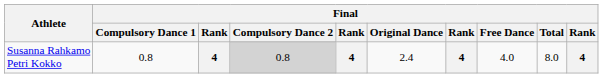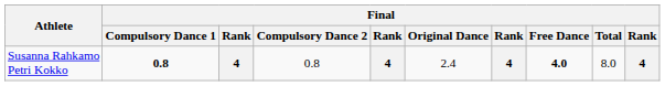 <table class="wikitable" style="font-size:90%">
 <tr>
 <th rowspan="2">Athlete</th>
 <th colspan="9">Final</th>
 </tr>
 <tr>
 <th>Compulsory Dance 1</th>
 <th>Rank</th>
 <th>Compulsory Dance 2</th>
 <th>Rank</th>
 <th>Original Dance</th>
 <th>Rank</th>
 <th>Free Dance</th>
 <th>Total</th>
 <th>Rank</th>
 </tr>
 <tr>
 <td><a href='#'>Susanna Rahkamo</a><br><a href='#'>Petri Kokko</a></td>
+<td align="center"><strong>0.8</strong></td>
+<th align="center">4</th>
 <td align="center">0.8</td>
-<th align="center">4</th>
-<td align="center" style="background: lightgrey;">0.8</td>
 <th align="center">4</th>
 <td align="center">2.4</td>
 <th align="center">4</th>
-<td align="center">4.0</td>
+<td align="center"><strong>4.0</strong></td>
 <td align="center">8.0</td>
 <th align="center">4</th>
 </tr>
 </table>
